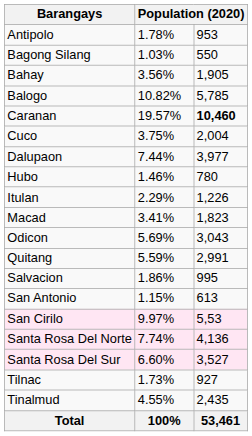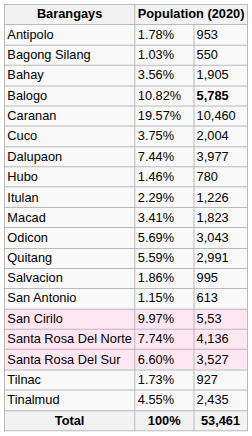 <table class="wikitable sortable">
 <tr>
 <th>Barangays</th>
 <th colspan="2">Population (2020)</th>
 </tr>
 <tr>
 <td>Antipolo</td>
 <td>1.78%</td>
 <td>953</td>
 </tr>
 <tr>
 <td>Bagong Silang</td>
 <td>1.03%</td>
 <td>550</td>
 </tr>
 <tr>
 <td>Bahay</td>
 <td>3.56%</td>
 <td>1,905</td>
 </tr>
 <tr>
 <td>Balogo</td>
 <td>10.82%</td>
-<td>5,785</td>
+<td><strong>5,785</strong></td>
 </tr>
 <tr>
 <td>Caranan</td>
 <td>19.57%</td>
-<td><strong>10,460</strong></td>
+<td>10,460</td>
 </tr>
 <tr>
 <td>Cuco</td>
 <td>3.75%</td>
 <td>2,004</td>
 </tr>
 <tr>
 <td>Dalupaon</td>
 <td>7.44%</td>
 <td>3,977</td>
 </tr>
 <tr>
 <td>Hubo</td>
 <td>1.46%</td>
 <td>780</td>
 </tr>
 <tr>
 <td>Itulan</td>
 <td>2.29%</td>
 <td>1,226</td>
 </tr>
 <tr>
 <td>Macad</td>
 <td>3.41%</td>
 <td>1,823</td>
 </tr>
 <tr>
 <td>Odicon</td>
 <td>5.69%</td>
 <td>3,043</td>
 </tr>
 <tr>
 <td>Quitang</td>
 <td>5.59%</td>
 <td>2,991</td>
 </tr>
 <tr>
 <td>Salvacion</td>
 <td>1.86%</td>
 <td>995</td>
 </tr>
 <tr>
 <td>San Antonio</td>
 <td>1.15%</td>
 <td>613</td>
 </tr>
 <tr>
 <td scope="row" style="background-color:#FFE6F3">San Cirilo</td>
 <td scope="row" style="background-color:#FFE6F3">9.97%</td>
 <td scope="row" style="background-color:#FFE6F3">5,53</td>
 </tr>
 <tr>
 <td scope="row" style="background-color:#FFE6F3">Santa Rosa Del Norte</td>
 <td scope="row" style="background-color:#FFE6F3">7.74%</td>
 <td scope="row" style="background-color:#FFE6F3">4,136</td>
 </tr>
 <tr>
 <td scope="row" style="background-color:#FFE6F3">Santa Rosa Del Sur</td>
 <td scope="row" style="background-color:#FFE6F3">6.60%</td>
 <td scope="row" style="background-color:#FFE6F3">3,527</td>
 </tr>
 <tr>
 <td>Tilnac</td>
 <td>1.73%</td>
 <td>927</td>
 </tr>
 <tr>
 <td>Tinalmud</td>
 <td>4.55%</td>
 <td>2,435</td>
 </tr>
 <tr>
 <th>Total</th>
 <th>100%</th>
 <th>53,461</th>
 </tr>
 </table>
